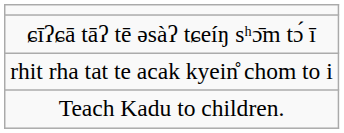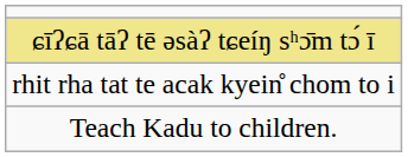 <table class="wikitable" style="text-align:center">
 <tr>
 <td></td>
 </tr>
 <tr>
-<td>ɕīʔɕā tāʔ tē əsàʔ tɕeíŋ sʰɔ̄m tɔ́ ī</td>
+<td style="background: khaki;">ɕīʔɕā tāʔ tē əsàʔ tɕeíŋ sʰɔ̄m tɔ́ ī</td>
 </tr>
 <tr>
 <td>rhit rha tat te acak kyein̊ chom to i</td>
 </tr>
 <tr>
 <td>Teach Kadu to children.</td>
 </tr>
 </table>
